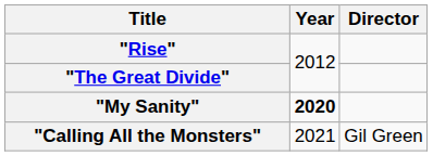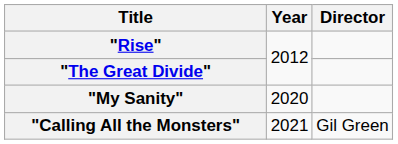 <table class="wikitable plainrowheaders" style="text-align:center;" border="1">
 <tr>
 <th scope="col" style="width:15em;">Title</th>
 <th scope="col">Year</th>
 <th scope="col">Director</th>
 </tr>
 <tr>
 <th scope="row">"<a href='#'>Rise</a>"</th>
 <td rowspan="2">2012</td>
 <td></td>
 </tr>
 <tr>
 <th scope="row">"<a href='#'>The Great Divide</a>"</th>
 <td></td>
 </tr>
 <tr>
 <th scope="row">"My Sanity"</th>
-<td><strong>2020</strong></td>
+<td>2020</td>
 <td></td>
 </tr>
 <tr>
 <th scope="row">"Calling All the Monsters"</th>
 <td>2021</td>
 <td>Gil Green</td>
 </tr>
 </table>
